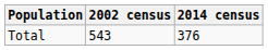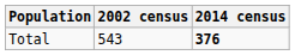 <table class="wikitable">
 <tr>
 <th>Population</th>
 <th>2002 census</th>
 <th>2014 census</th>
 </tr>
 <tr>
 <td>Total</td>
 <td>543</td>
-<td>376</td>
+<td><strong>376</strong></td>
 </tr>
 </table>
